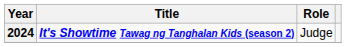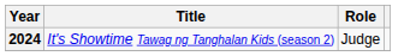 <table class="wikitable plainrowheaders sortable" style="text-align:center">
 <tr>
 <th scope="col">Year</th>
 <th scope="col">Title</th>
 <th scope="col">Role</th>
 <th class="unsortable"></th>
 </tr>
 <tr>
 <th rowspan="1" scope="row">2024</th>
-<td style="text-align:left"><strong><em><a href='#'>It's Showtime</a></em> <small><a href='#'><em>Tawag ng Tanghalan Kids</em> (season 2)</a></small></strong></td>
+<td style="text-align:left"><em><a href='#'>It's Showtime</a></em> <small><a href='#'><em>Tawag ng Tanghalan Kids</em> (season 2)</a></small></td>
 <td>Judge</td>
 <td></td>
 </tr>
 <tr>
 </tr>
 </table>
